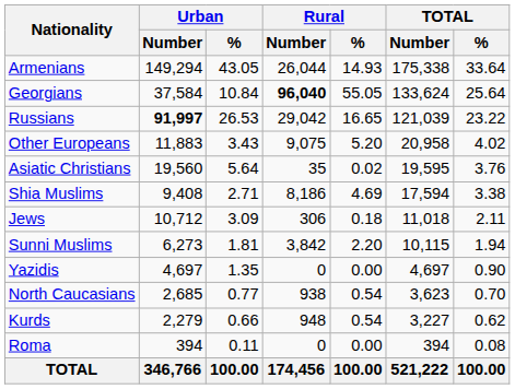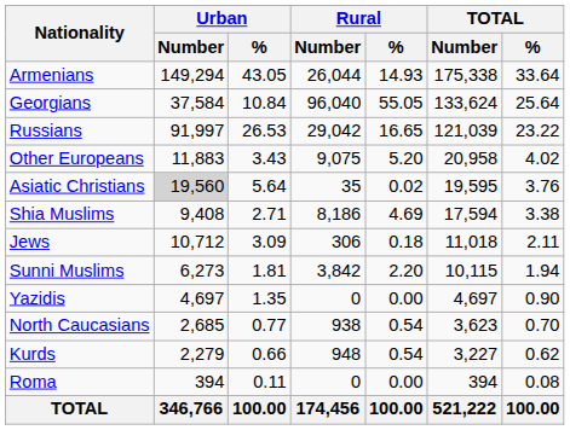 <table class="wikitable sortable">
 <tr>
 <th rowspan="2">Nationality</th>
 <th colspan="2"><a href='#'>Urban</a></th>
 <th colspan="2"><a href='#'>Rural</a></th>
 <th colspan="2">TOTAL</th>
 </tr>
 <tr>
 <th>Number</th>
 <th>%</th>
 <th>Number</th>
 <th>%</th>
 <th>Number</th>
 <th>%</th>
 </tr>
 <tr>
 <td><a href='#'>Armenians</a></td>
 <td align="right">149,294</td>
 <td align="right">43.05</td>
 <td align="right">26,044</td>
 <td align="right">14.93</td>
 <td align="right">175,338</td>
 <td align="right">33.64</td>
 </tr>
 <tr>
 <td><a href='#'>Georgians</a></td>
 <td align="right">37,584</td>
 <td align="right">10.84</td>
-<td align="right"><strong>96,040</strong></td>
+<td align="right">96,040</td>
 <td align="right">55.05</td>
 <td align="right">133,624</td>
 <td align="right">25.64</td>
 </tr>
 <tr>
 <td><a href='#'>Russians</a></td>
-<td align="right"><strong>91,997</strong></td>
+<td align="right">91,997</td>
 <td align="right">26.53</td>
 <td align="right">29,042</td>
 <td align="right">16.65</td>
 <td align="right">121,039</td>
 <td align="right">23.22</td>
 </tr>
 <tr>
 <td><a href='#'>Other Europeans</a></td>
 <td align="right">11,883</td>
 <td align="right">3.43</td>
 <td align="right">9,075</td>
 <td align="right">5.20</td>
 <td align="right">20,958</td>
 <td align="right">4.02</td>
 </tr>
 <tr>
 <td><a href='#'>Asiatic Christians</a></td>
-<td align="right">19,560</td>
+<td align="right" style="background: lightgrey;">19,560</td>
 <td align="right">5.64</td>
 <td align="right">35</td>
 <td align="right">0.02</td>
 <td align="right">19,595</td>
 <td align="right">3.76</td>
 </tr>
 <tr>
 <td><a href='#'>Shia Muslims</a></td>
 <td align="right">9,408</td>
 <td align="right">2.71</td>
 <td align="right">8,186</td>
 <td align="right">4.69</td>
 <td align="right">17,594</td>
 <td align="right">3.38</td>
 </tr>
 <tr>
 <td><a href='#'>Jews</a></td>
 <td align="right">10,712</td>
 <td align="right">3.09</td>
 <td align="right">306</td>
 <td align="right">0.18</td>
 <td align="right">11,018</td>
 <td align="right">2.11</td>
 </tr>
 <tr>
 <td><a href='#'>Sunni Muslims</a></td>
 <td align="right">6,273</td>
 <td align="right">1.81</td>
 <td align="right">3,842</td>
 <td align="right">2.20</td>
 <td align="right">10,115</td>
 <td align="right">1.94</td>
 </tr>
 <tr>
 <td><a href='#'>Yazidis</a></td>
 <td align="right">4,697</td>
 <td align="right">1.35</td>
 <td align="right">0</td>
 <td align="right">0.00</td>
 <td align="right">4,697</td>
 <td align="right">0.90</td>
 </tr>
 <tr>
 <td><a href='#'>North Caucasians</a></td>
 <td align="right">2,685</td>
 <td align="right">0.77</td>
 <td align="right">938</td>
 <td align="right">0.54</td>
 <td align="right">3,623</td>
 <td align="right">0.70</td>
 </tr>
 <tr>
 <td><a href='#'>Kurds</a></td>
 <td align="right">2,279</td>
 <td align="right">0.66</td>
 <td align="right">948</td>
 <td align="right">0.54</td>
 <td align="right">3,227</td>
 <td align="right">0.62</td>
 </tr>
 <tr>
 <td><a href='#'>Roma</a></td>
 <td align="right">394</td>
 <td align="right">0.11</td>
 <td align="right">0</td>
 <td align="right">0.00</td>
 <td align="right">394</td>
 <td align="right">0.08</td>
 </tr>
 <tr>
 <th>TOTAL</th>
 <th>346,766</th>
 <th>100.00</th>
 <th>174,456</th>
 <th>100.00</th>
 <th>521,222</th>
 <th>100.00</th>
 </tr>
 </table>
